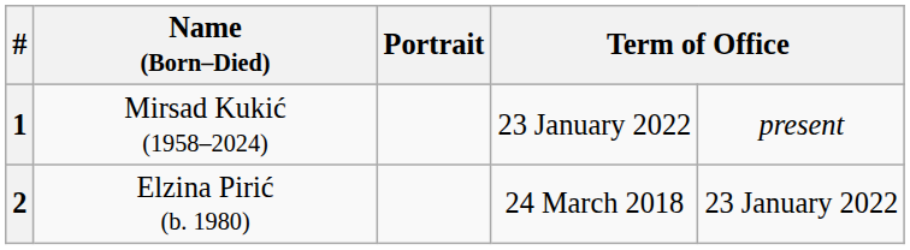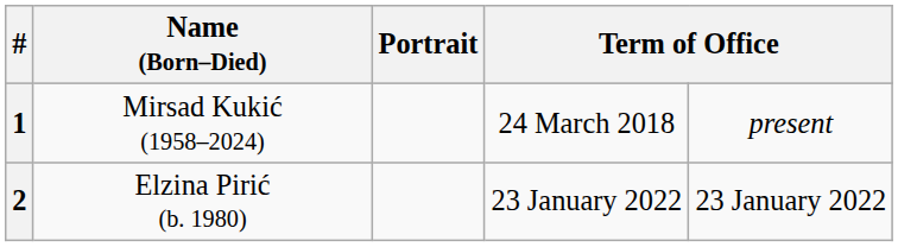 <table class="wikitable" style="text-align:center">
 <tr ->
 <th>#</th>
 <th width=180>Name<br><small>(Born–Died)</small></th>
 <th>Portrait</th>
 <th colspan=2>Term of Office</th>
 </tr>
 <tr ->
 <th align=center style="background: ">1</th>
 <td>Mirsad Kukić<br><small>(1958–2024)</small></td>
 <td></td>
-<td>23 January 2022</td>
+<td>24 March 2018</td>
 <td><em>present</em></td>
 </tr>
 <tr ->
 <th align=center style="background: ">2</th>
 <td>Elzina Pirić<br><small>(b. 1980)</small></td>
 <td></td>
-<td>24 March 2018</td>
+<td>23 January 2022</td>
 <td>23 January 2022</td>
 </tr>
 </table>
